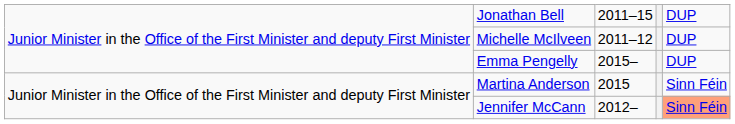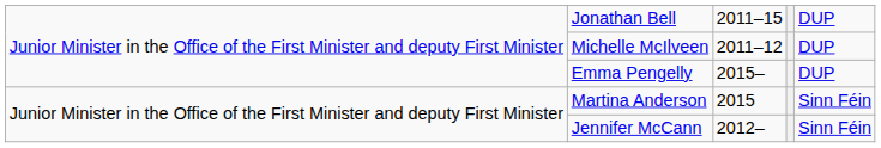 <table class="wikitable">
 <tr>
 <td rowspan=3><a href='#'>Junior Minister</a> in the <a href='#'>Office of the First Minister and deputy First Minister</a></td>
 <td><a href='#'>Jonathan Bell</a></td>
 <td>2011–15</td>
 <th style="background-color: "></th>
 <td><a href='#'>DUP</a></td>
 </tr>
 <tr>
 <td><a href='#'>Michelle McIlveen</a></td>
 <td>2011–12</td>
 <th style="background-color: "></th>
 <td><a href='#'>DUP</a></td>
 </tr>
 <tr>
 <td><a href='#'>Emma Pengelly</a></td>
 <td>2015–</td>
 <th style="background-color: "></th>
 <td><a href='#'>DUP</a></td>
 </tr>
 <tr>
 <td rowspan=2>Junior Minister in the Office of the First Minister and deputy First Minister</td>
 <td><a href='#'>Martina Anderson</a></td>
 <td>2015</td>
 <th style="background-color: "></th>
 <td><a href='#'>Sinn Féin</a></td>
 </tr>
 <tr>
 <td><a href='#'>Jennifer McCann</a></td>
 <td>2012–</td>
 <th style="background-color: "></th>
-<td style="background: lightsalmon;"><a href='#'>Sinn Féin</a></td>
+<td><a href='#'>Sinn Féin</a></td>
 </tr>
 </table>
